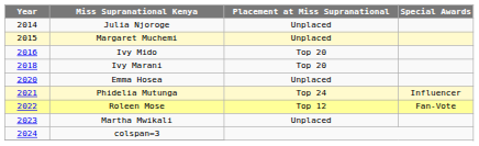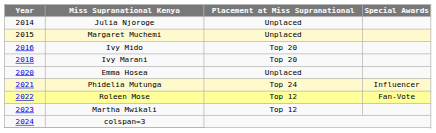 <table class="wikitable sortable" style="font-size: 95%; text-align:center">
 <tr>
 <th width="60" style="background-color:#787878;color:#FFFFFF;">Year</th>
 <th width="250" style="background-color:#787878;color:#FFFFFF;">Miss Supranational Kenya</th>
 <th width="250" style="background-color:#787878;color:#FFFFFF;">Placement at Miss Supranational</th>
 <th style="background-color:#787878;color:#FFFFFF;">Special Awards</th>
 </tr>
 <tr>
 <td>2014</td>
 <td>Julia Njoroge</td>
 <td>Unplaced</td>
 <td></td>
 </tr>
 <tr style="background-color:#FFFACD; ">
 <td>2015</td>
 <td>Margaret Muchemi</td>
 <td>Unplaced</td>
 <td></td>
 </tr>
 <tr>
 <td><a href='#'>2016</a></td>
 <td>Ivy Mido</td>
 <td>Top 20</td>
 <td></td>
 </tr>
 <tr>
 <td><a href='#'>2018</a></td>
 <td>Ivy Marani</td>
 <td>Top 20</td>
 <td></td>
 </tr>
 <tr>
 <td><a href='#'>2020</a></td>
 <td>Emma Hosea</td>
 <td>Unplaced</td>
 <td></td>
 </tr>
 <tr style="background-color:#FFFACD; ">
 <td><a href='#'>2021</a></td>
 <td>Phidelia Mutunga</td>
 <td>Top 24</td>
 <td>Influencer</td>
 </tr>
 <tr style="background-color:#FFFF99">
 <td><a href='#'>2022</a></td>
 <td>Roleen Mose</td>
 <td>Top 12</td>
 <td>Fan-Vote</td>
 </tr>
 <tr>
 <td><a href='#'>2023</a></td>
 <td>Martha Mwikali</td>
-<td>Unplaced</td>
+<td>Top 12</td>
 <td></td>
 </tr>
 <tr>
 <td><a href='#'>2024</a></td>
 <td>colspan=3 </td>
 </tr>
 <tr>
 </tr>
 </table>
